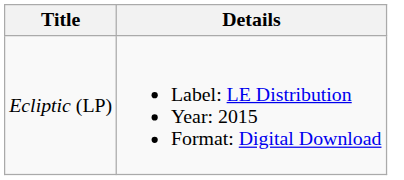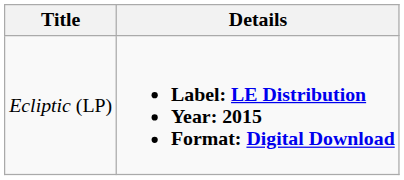 <table class="wikitable">
 <tr>
 <th>Title</th>
 <th>Details</th>
 </tr>
 <tr>
 <td><em>Ecliptic</em> (LP)</td>
-<td><br><ul><li>Label: <a href='#'>LE Distribution</a></li><li>Year: 2015</li><li>Format: <a href='#'>Digital Download</a></li></ul></td>
+<td><strong><br><ul><li>Label: <a href='#'>LE Distribution</a></li><li>Year: 2015</li><li>Format: <a href='#'>Digital Download</a></li></ul></strong></td>
 </tr>
 </table>
